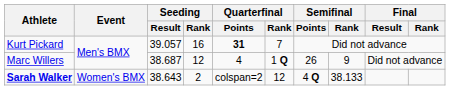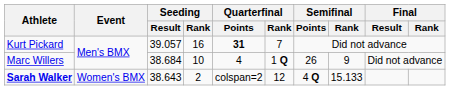 <table class=wikitable style="font-size:90%">
 <tr>
 <th rowspan="2">Athlete</th>
 <th rowspan="2">Event</th>
 <th colspan="2">Seeding</th>
 <th colspan="2">Quarterfinal</th>
 <th colspan="2">Semifinal</th>
 <th colspan="2">Final</th>
 </tr>
 <tr style="font-size:95%">
 <th>Result</th>
 <th>Rank</th>
 <th>Points</th>
 <th>Rank</th>
 <th>Points</th>
 <th>Rank</th>
 <th>Result</th>
 <th>Rank</th>
 </tr>
 <tr align=center>
 <td align=left><a href='#'>Kurt Pickard</a></td>
 <td align=left rowspan=2><a href='#'>Men's BMX</a></td>
 <td>39.057</td>
 <td>16</td>
 <td><strong>31</strong></td>
 <td>7</td>
 <td colspan=4>Did not advance</td>
 </tr>
 <tr align=center>
 <td align=left><a href='#'>Marc Willers</a></td>
-<td>38.687</td>
-<td>12</td>
+<td>38.684</td>
+<td>10</td>
 <td>4</td>
 <td>1 <strong>Q</strong></td>
 <td>26</td>
 <td>9</td>
 <td colspan=2>Did not advance</td>
 </tr>
 <tr align=center>
 <td align=left><strong><a href='#'>Sarah Walker</a></strong></td>
 <td align=left><a href='#'>Women's BMX</a></td>
 <td>38.643</td>
 <td>2</td>
 <td>colspan=2 </td>
 <td>12</td>
 <td>4 <strong>Q</strong></td>
-<td>38.133</td>
+<td>15.133</td>
 <td></td>
 </tr>
 </table>
